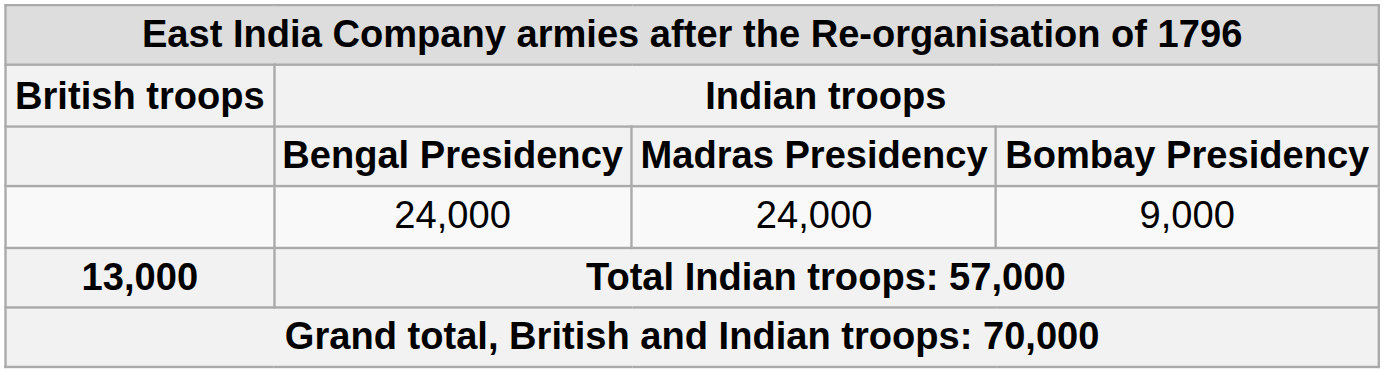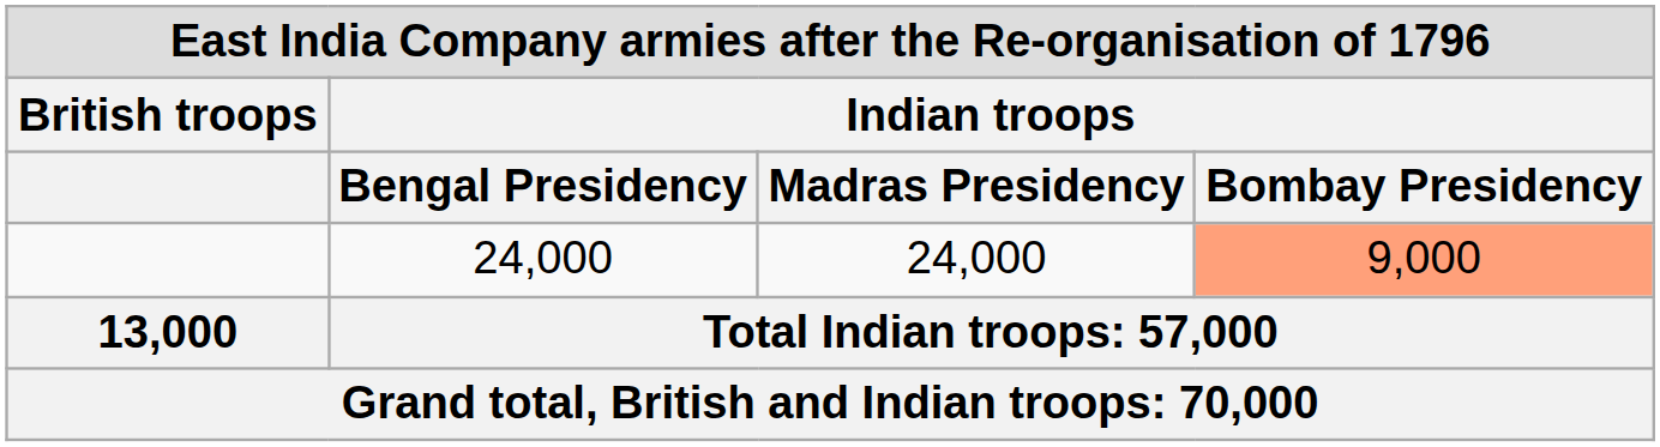 <table class="wikitable" style="margin-right:auto; margin-left:auto;">
 <tr>
 <th style="background:#ddd;" colspan="4">East India Company armies after the Re-organisation of 1796</th>
 </tr>
 <tr>
 <th>British troops</th>
 <th colspan="3">Indian troops</th>
 </tr>
 <tr>
 <th></th>
 <th>Bengal Presidency</th>
 <th>Madras Presidency</th>
 <th>Bombay Presidency</th>
 </tr>
 <tr>
 <td></td>
 <td style="text-align:center;">24,000</td>
 <td style="text-align:center;">24,000</td>
-<td style="text-align:center;">9,000</td>
+<td style="background: lightsalmon; text-align:center;">9,000</td>
 </tr>
 <tr>
 <th>13,000</th>
 <th colspan="3">Total Indian troops: 57,000</th>
 </tr>
 <tr>
 <th colspan="4">Grand total, British and Indian troops: 70,000</th>
 </tr>
 </table>
